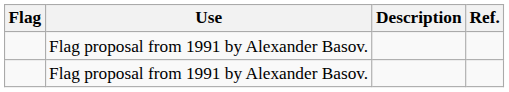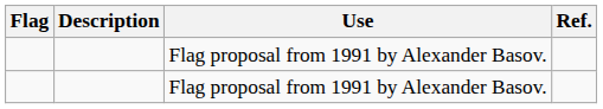 <table class="wikitable">
 <tr>
 <th>Flag</th>
+<th>Description</th>
 <th>Use</th>
-<th>Description</th>
 <th>Ref.</th>
 </tr>
 <tr>
 <td></td>
+<td></td>
 <td>Flag proposal from 1991 by Alexander Basov.</td>
-<td></td>
 <td></td>
 </tr>
 <tr>
 <td></td>
+<td></td>
 <td>Flag proposal from 1991 by Alexander Basov.</td>
-<td></td>
 <td></td>
 </tr>
 </table>
